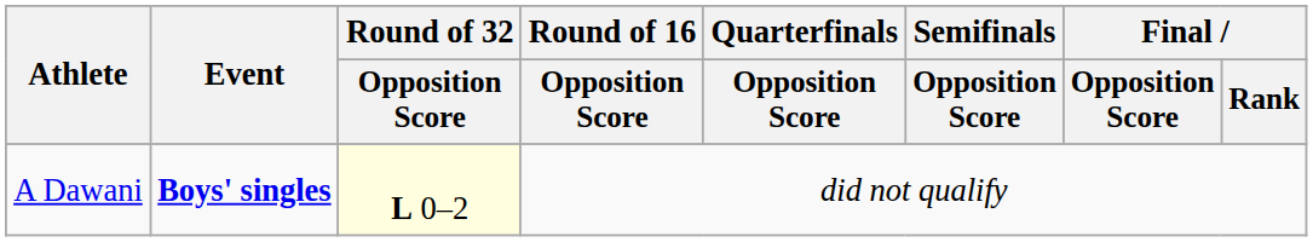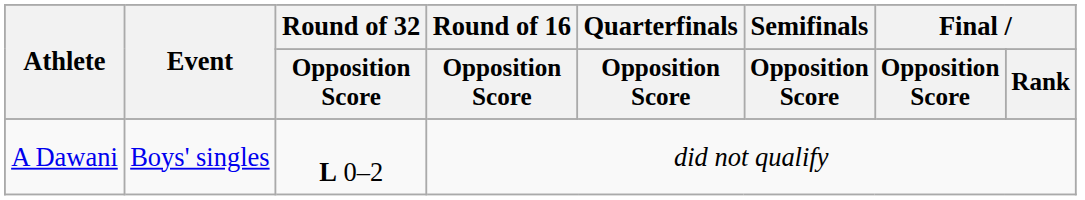 <table class=wikitable style="font-size:90%">
 <tr>
 <th rowspan=2>Athlete</th>
 <th rowspan=2>Event</th>
 <th>Round of 32</th>
 <th>Round of 16</th>
 <th>Quarterfinals</th>
 <th>Semifinals</th>
 <th colspan=2>Final / </th>
 </tr>
 <tr style="font-size:95%">
 <th>Opposition<br>Score</th>
 <th>Opposition<br>Score</th>
 <th>Opposition<br>Score</th>
 <th>Opposition<br>Score</th>
 <th>Opposition<br>Score</th>
 <th>Rank</th>
 </tr>
 <tr align=center>
 <td align=left><a href='#'>A Dawani</a></td>
-<td><strong><a href='#'>Boys' singles</a></strong></td>
-<td style="background: lightyellow;"> <br> <strong>L</strong> 0–2</td>
+<td><a href='#'>Boys' singles</a></td>
+<td> <br> <strong>L</strong> 0–2</td>
 <td Colspan=5><em>did not qualify</em></td>
 </tr>
 </table>
